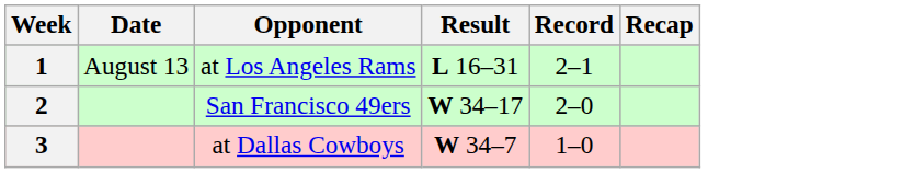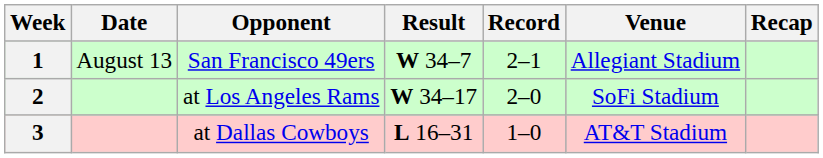 <table class="wikitable" style="text-align:center">
 <tr>
 <th>Week</th>
 <th>Date</th>
 <th>Opponent</th>
 <th>Result</th>
 <th>Record</th>
+<th>Venue</th>
 <th>Recap</th>
 </tr>
 <tr style="background:#cfc">
 <th>1</th>
 <td>August 13</td>
-<td>at <a href='#'>Los Angeles Rams</a></td>
-<td><strong>L</strong> 16–31</td>
+<td><a href='#'>San Francisco 49ers</a></td>
+<td><strong>W</strong> 34–7</td>
 <td>2–1</td>
+<td><a href='#'>Allegiant Stadium</a></td>
 <td></td>
 </tr>
 <tr style="background:#cfc">
 <th>2</th>
 <td></td>
-<td><a href='#'>San Francisco 49ers</a></td>
+<td>at <a href='#'>Los Angeles Rams</a></td>
 <td><strong>W</strong> 34–17</td>
 <td>2–0</td>
+<td><a href='#'>SoFi Stadium</a></td>
 <td></td>
 </tr>
 <tr style="background:#fcc">
 <th>3</th>
 <td></td>
 <td>at <a href='#'>Dallas Cowboys</a></td>
-<td><strong>W</strong> 34–7</td>
+<td><strong>L</strong> 16–31</td>
 <td>1–0</td>
+<td><a href='#'>AT&T Stadium</a></td>
 <td></td>
 </tr>
 </table>
